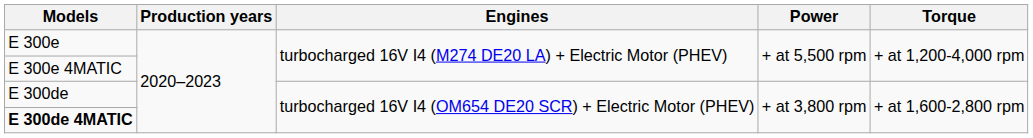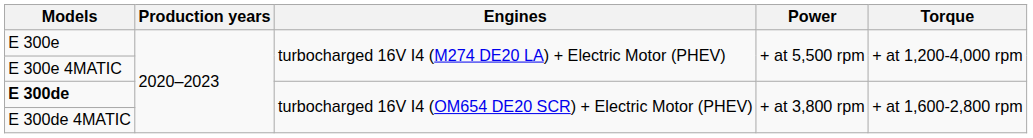 <table class="wikitable">
 <tr>
 <th>Models</th>
 <th>Production years</th>
 <th>Engines</th>
 <th>Power</th>
 <th>Torque</th>
 </tr>
 <tr>
 <td>E 300e</td>
 <td rowspan="4">2020–2023</td>
 <td rowspan="2"> turbocharged 16V I4 (<a href='#'>M274 DE20 LA</a>) + Electric Motor (PHEV)</td>
 <td rowspan="2"> +  at 5,500 rpm</td>
 <td rowspan="2"> +  at 1,200-4,000 rpm</td>
 </tr>
 <tr>
 <td>E 300e 4MATIC</td>
 </tr>
 <tr>
-<td>E 300de</td>
+<td><strong>E 300de</strong></td>
 <td rowspan="2"> turbocharged 16V I4 (<a href='#'>OM654 DE20 SCR</a>) + Electric Motor (PHEV)</td>
 <td rowspan="2"> +  at 3,800 rpm</td>
 <td rowspan="2"> +  at 1,600-2,800 rpm</td>
 </tr>
 <tr>
-<td><strong>E 300de 4MATIC</strong></td>
+<td>E 300de 4MATIC</td>
 </tr>
 </table>
